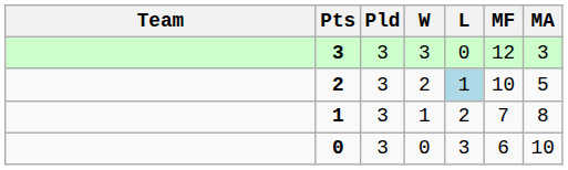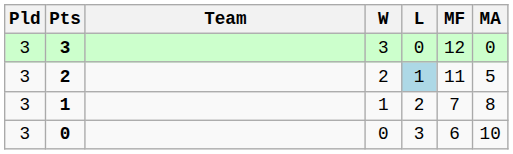 <table class=wikitable style="text-align:center">
 <tr>
+<th width=20>Pld</th>
+<th width=20>Pts</th>
 <th width=200>Team</th>
-<th width=20>Pts</th>
-<th width=20>Pld</th>
 <th width=20>W</th>
 <th width=20>L</th>
 <th width=20>MF</th>
 <th width=20>MA</th>
 </tr>
 <tr bgcolor=ccffcc>
+<td>3</td>
+<td><strong>3</strong></td>
 <td style="text-align:left"><strong></strong></td>
-<td><strong>3</strong></td>
-<td>3</td>
 <td>3</td>
 <td>0</td>
 <td>12</td>
-<td>3</td>
+<td>0</td>
 </tr>
 <tr>
+<td>3</td>
+<td><strong>2</strong></td>
 <td style="text-align:left"></td>
-<td><strong>2</strong></td>
-<td>3</td>
 <td>2</td>
 <td style="background: lightblue;">1</td>
-<td>10</td>
+<td>11</td>
 <td>5</td>
 </tr>
 <tr>
+<td>3</td>
+<td><strong>1</strong></td>
 <td style="text-align:left"></td>
-<td><strong>1</strong></td>
-<td>3</td>
 <td>1</td>
 <td>2</td>
 <td>7</td>
 <td>8</td>
 </tr>
 <tr>
+<td>3</td>
+<td><strong>0</strong></td>
 <td style="text-align:left"></td>
-<td><strong>0</strong></td>
-<td>3</td>
 <td>0</td>
 <td>3</td>
 <td>6</td>
 <td>10</td>
 </tr>
 </table>
